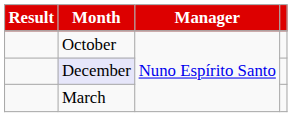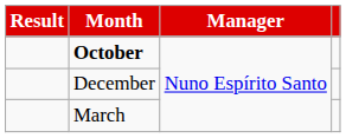 <table class="wikitable" style="text-align:left">
 <tr>
 <th style="background:#DD0000; color:#FFFFFF; ">Result</th>
 <th style="background:#DD0000; color:#FFFFFF; ">Month</th>
 <th style="background:#DD0000;color:#FFFFFF; ">Manager</th>
 <th style="background:#DD0000; color:#FFFFFF; "></th>
 </tr>
 <tr>
 </tr>
 <tr>
 <td></td>
-<td>October</td>
+<td><strong>October</strong></td>
 <td rowspan="3"> <a href='#'>Nuno Espírito Santo</a></td>
 <td></td>
 </tr>
 <tr>
 <td></td>
-<td style="background: lavender;">December</td>
+<td>December</td>
 <td></td>
 </tr>
 <tr>
 <td></td>
 <td>March</td>
 <td></td>
 </tr>
 </table>
